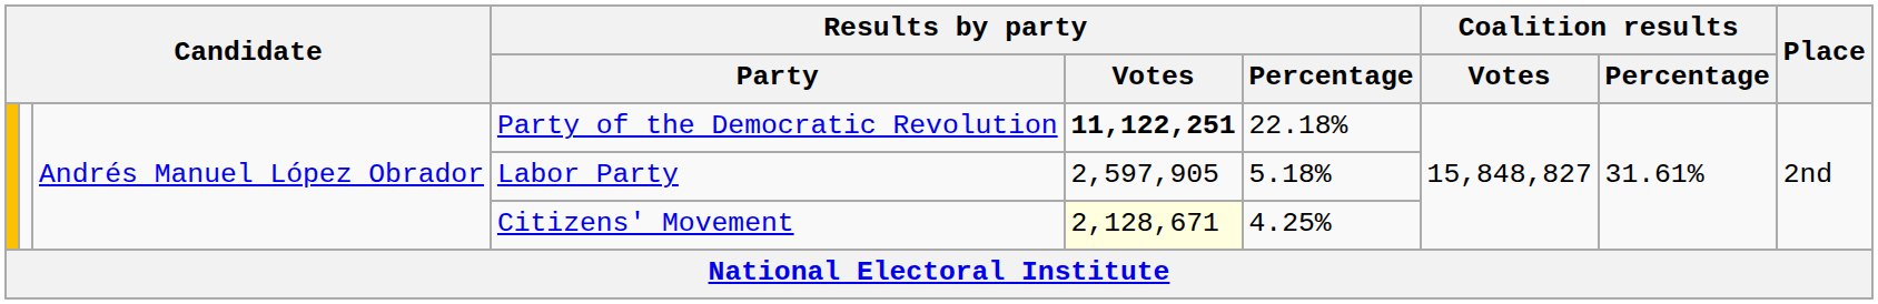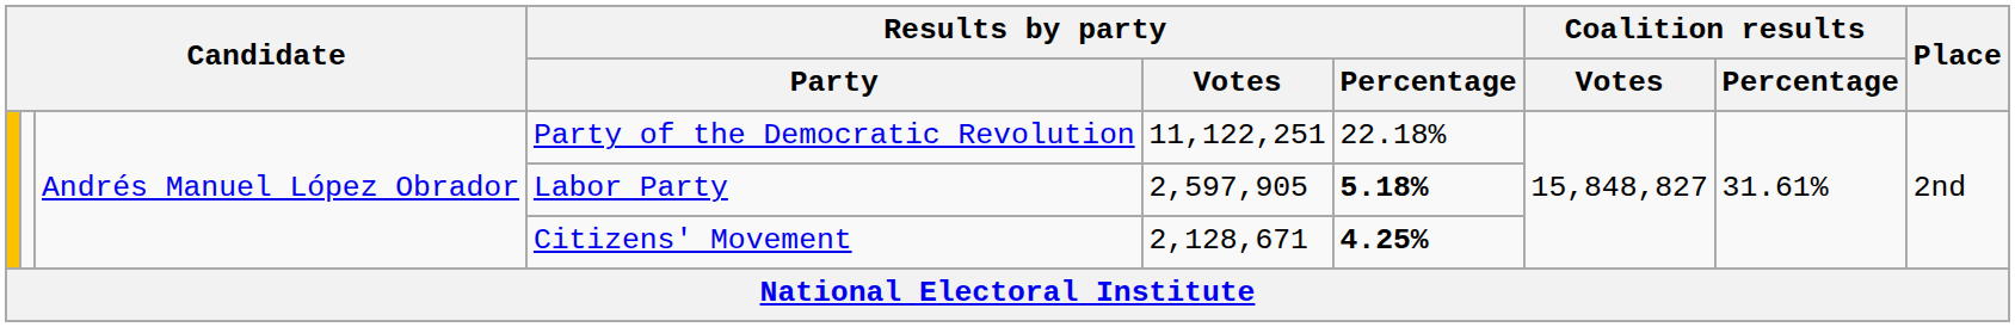 <table class="wikitable" style="font-size:95%; line-height:16px; margin:auto">
 <tr>
 <th colspan="3" rowspan="2">Candidate</th>
 <th colspan="3">Results by party</th>
 <th colspan="2">Coalition results</th>
 <th rowspan="2">Place</th>
 </tr>
 <tr>
 <th>Party</th>
 <th>Votes</th>
 <th>Percentage</th>
 <th>Votes</th>
 <th>Percentage</th>
 </tr>
 <tr>
 <td rowspan="3" bgcolor="#FCC201"></td>
 <td rowspan="3"></td>
 <td rowspan="3"><a href='#'>Andrés Manuel López Obrador</a></td>
 <td><a href='#'>Party of the Democratic Revolution</a></td>
-<td><strong>11,122,251</strong></td>
+<td>11,122,251</td>
 <td>22.18%</td>
 <td rowspan="3">15,848,827</td>
 <td rowspan="3">31.61%</td>
 <td rowspan="3">2nd</td>
 </tr>
 <tr>
 <td><a href='#'>Labor Party</a></td>
 <td>2,597,905</td>
-<td>5.18%</td>
+<td><strong>5.18%</strong></td>
 </tr>
 <tr>
 <td><a href='#'>Citizens' Movement</a></td>
-<td style="background: lightyellow;">2,128,671</td>
-<td>4.25%</td>
+<td>2,128,671</td>
+<td><strong>4.25%</strong></td>
 </tr>
 <tr>
 <th colspan="9"><a href='#'>National Electoral Institute</a></th>
 </tr>
 </table>
